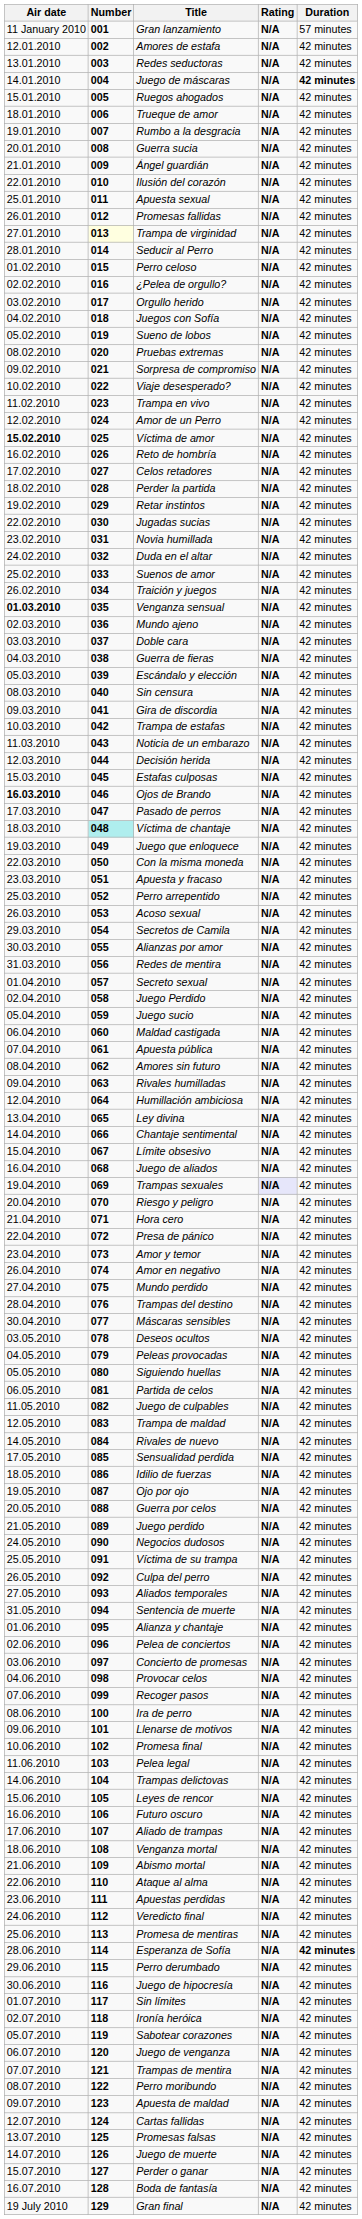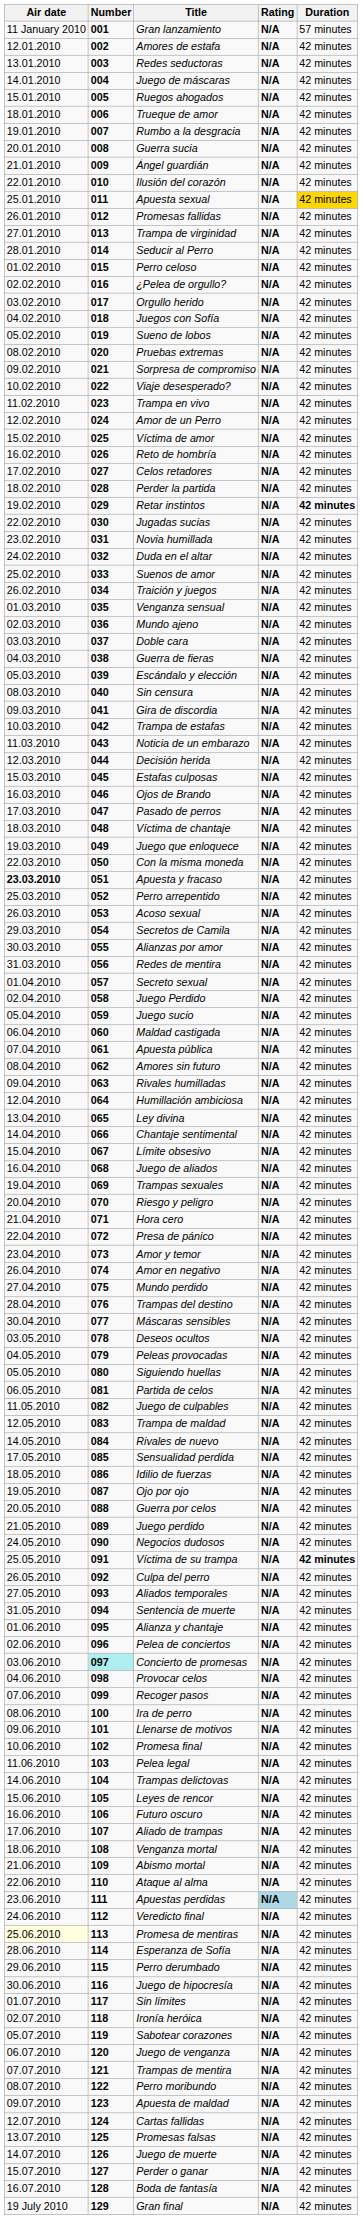 <table Class="wikitable">
 <tr>
 <th>Air date</th>
 <th>Number</th>
 <th>Title</th>
 <th>Rating</th>
 <th>Duration</th>
 </tr>
 <tr>
 <td>11 January 2010</td>
 <td><strong>001</strong></td>
 <td><em>Gran lanzamiento</em></td>
 <td><strong>N/A</strong></td>
 <td>57 minutes</td>
 </tr>
 <tr>
 <td>12.01.2010</td>
 <td><strong>002</strong></td>
 <td><em>Amores de estafa</em></td>
 <td><strong>N/A</strong></td>
 <td>42 minutes</td>
 </tr>
 <tr>
 <td>13.01.2010</td>
 <td><strong>003</strong></td>
 <td><em>Redes seductoras</em></td>
 <td><strong>N/A</strong></td>
 <td>42 minutes</td>
 </tr>
 <tr>
 <td>14.01.2010</td>
 <td><strong>004</strong></td>
 <td><em>Juego de máscaras</em></td>
 <td><strong>N/A</strong></td>
-<td><strong>42 minutes</strong></td>
+<td>42 minutes</td>
 </tr>
 <tr>
 <td>15.01.2010</td>
 <td><strong>005</strong></td>
 <td><em>Ruegos ahogados </em></td>
 <td><strong>N/A</strong></td>
 <td>42 minutes</td>
 </tr>
 <tr>
 <td>18.01.2010</td>
 <td><strong>006</strong></td>
 <td><em>Trueque de amor </em></td>
 <td><strong>N/A</strong></td>
 <td>42 minutes</td>
 </tr>
 <tr>
 <td>19.01.2010</td>
 <td><strong>007</strong></td>
 <td><em>Rumbo a la desgracia</em></td>
 <td><strong>N/A</strong></td>
 <td>42 minutes</td>
 </tr>
 <tr>
 <td>20.01.2010</td>
 <td><strong>008</strong></td>
 <td><em>Guerra sucia</em></td>
 <td><strong>N/A</strong></td>
 <td>42 minutes</td>
 </tr>
 <tr>
 <td>21.01.2010</td>
 <td><strong>009</strong></td>
 <td><em>Ángel guardián</em></td>
 <td><strong>N/A</strong></td>
 <td>42 minutes</td>
 </tr>
 <tr>
 <td>22.01.2010</td>
 <td><strong>010</strong></td>
 <td><em>Ilusión del corazón</em></td>
 <td><strong>N/A</strong></td>
 <td>42 minutes</td>
 </tr>
 <tr>
 <td>25.01.2010</td>
 <td><strong>011</strong></td>
 <td><em>Apuesta sexual</em></td>
 <td><strong>N/A</strong></td>
-<td>42 minutes</td>
+<td style="background: gold;">42 minutes</td>
 </tr>
 <tr>
 <td>26.01.2010</td>
 <td><strong>012</strong></td>
 <td><em>Promesas fallidas</em></td>
 <td><strong>N/A</strong></td>
 <td>42 minutes</td>
 </tr>
 <tr>
 <td>27.01.2010</td>
-<td style="background: lightyellow;"><strong>013</strong></td>
+<td><strong>013</strong></td>
 <td><em>Trampa de virginidad</em></td>
 <td><strong>N/A</strong></td>
 <td>42 minutes</td>
 </tr>
 <tr>
 <td>28.01.2010</td>
 <td><strong>014</strong></td>
 <td><em>Seducir al Perro</em></td>
 <td><strong>N/A</strong></td>
 <td>42 minutes</td>
 </tr>
 <tr>
 <td>01.02.2010</td>
 <td><strong>015</strong></td>
 <td><em>Perro celoso</em></td>
 <td><strong>N/A</strong></td>
 <td>42 minutes</td>
 </tr>
 <tr>
 <td>02.02.2010</td>
 <td><strong>016</strong></td>
 <td><em>¿Pelea de orgullo?</em></td>
 <td><strong>N/A</strong></td>
 <td>42 minutes</td>
 </tr>
 <tr>
 <td>03.02.2010</td>
 <td><strong>017</strong></td>
 <td><em>Orgullo herido</em></td>
 <td><strong>N/A</strong></td>
 <td>42 minutes</td>
 </tr>
 <tr>
 <td>04.02.2010</td>
 <td><strong>018</strong></td>
 <td><em>Juegos con Sofía</em></td>
 <td><strong>N/A</strong></td>
 <td>42 minutes</td>
 </tr>
 <tr>
 <td>05.02.2010</td>
 <td><strong>019</strong></td>
 <td><em>Sueno de lobos</em></td>
 <td><strong>N/A</strong></td>
 <td>42 minutes</td>
 </tr>
 <tr>
 <td>08.02.2010</td>
 <td><strong>020</strong></td>
 <td><em>Pruebas extremas</em></td>
 <td><strong>N/A</strong></td>
 <td>42 minutes</td>
 </tr>
 <tr>
 <td>09.02.2010</td>
 <td><strong>021</strong></td>
 <td><em>Sorpresa de compromiso</em></td>
 <td><strong>N/A</strong></td>
 <td>42 minutes</td>
 </tr>
 <tr>
 <td>10.02.2010</td>
 <td><strong>022</strong></td>
 <td><em>Viaje desesperado?</em></td>
 <td><strong>N/A</strong></td>
 <td>42 minutes</td>
 </tr>
 <tr>
 <td>11.02.2010</td>
 <td><strong>023</strong></td>
 <td><em>Trampa en vivo</em></td>
 <td><strong>N/A</strong></td>
 <td>42 minutes</td>
 </tr>
 <tr>
 <td>12.02.2010</td>
 <td><strong>024</strong></td>
 <td><em>Amor de un Perro</em></td>
 <td><strong>N/A</strong></td>
 <td>42 minutes</td>
 </tr>
 <tr>
-<td><strong>15.02.2010</strong></td>
+<td>15.02.2010</td>
 <td><strong>025</strong></td>
 <td><em>Víctima de amor</em></td>
 <td><strong>N/A</strong></td>
 <td>42 minutes</td>
 </tr>
 <tr>
 <td>16.02.2010</td>
 <td><strong>026</strong></td>
 <td><em>Reto de hombría</em></td>
 <td><strong>N/A</strong></td>
 <td>42 minutes</td>
 </tr>
 <tr>
 <td>17.02.2010</td>
 <td><strong>027</strong></td>
 <td><em>Celos retadores</em></td>
 <td><strong>N/A</strong></td>
 <td>42 minutes</td>
 </tr>
 <tr>
 <td>18.02.2010</td>
 <td><strong>028</strong></td>
 <td><em>Perder la partida</em></td>
 <td><strong>N/A</strong></td>
 <td>42 minutes</td>
 </tr>
 <tr>
 <td>19.02.2010</td>
 <td><strong>029</strong></td>
 <td><em>Retar instintos</em></td>
 <td><strong>N/A</strong></td>
-<td>42 minutes</td>
+<td><strong>42 minutes</strong></td>
 </tr>
 <tr>
 <td>22.02.2010</td>
 <td><strong>030</strong></td>
 <td><em>Jugadas sucias</em></td>
 <td><strong>N/A</strong></td>
 <td>42 minutes</td>
 </tr>
 <tr>
 <td>23.02.2010</td>
 <td><strong>031</strong></td>
 <td><em>Novia humillada</em></td>
 <td><strong>N/A</strong></td>
 <td>42 minutes</td>
 </tr>
 <tr>
 <td>24.02.2010</td>
 <td><strong>032</strong></td>
 <td><em>Duda en el altar</em></td>
 <td><strong>N/A</strong></td>
 <td>42 minutes</td>
 </tr>
 <tr>
 <td>25.02.2010</td>
 <td><strong>033</strong></td>
 <td><em>Suenos de amor</em></td>
 <td><strong>N/A</strong></td>
 <td>42 minutes</td>
 </tr>
 <tr>
 <td>26.02.2010</td>
 <td><strong>034</strong></td>
 <td><em>Traición y juegos</em></td>
 <td><strong>N/A</strong></td>
 <td>42 minutes</td>
 </tr>
 <tr>
-<td><strong>01.03.2010</strong></td>
+<td>01.03.2010</td>
 <td><strong>035</strong></td>
 <td><em>Venganza sensual</em></td>
 <td><strong>N/A</strong></td>
 <td>42 minutes</td>
 </tr>
 <tr>
 <td>02.03.2010</td>
 <td><strong>036</strong></td>
 <td><em>Mundo ajeno</em></td>
 <td><strong>N/A</strong></td>
 <td>42 minutes</td>
 </tr>
 <tr>
 <td>03.03.2010</td>
 <td><strong>037</strong></td>
 <td><em>Doble cara</em></td>
 <td><strong>N/A</strong></td>
 <td>42 minutes</td>
 </tr>
 <tr>
 <td>04.03.2010</td>
 <td><strong>038</strong></td>
 <td><em>Guerra de fieras</em></td>
 <td><strong>N/A</strong></td>
 <td>42 minutes</td>
 </tr>
 <tr>
 <td>05.03.2010</td>
 <td><strong>039</strong></td>
 <td><em>Escándalo y elección</em></td>
 <td><strong>N/A</strong></td>
 <td>42 minutes</td>
 </tr>
 <tr>
 <td>08.03.2010</td>
 <td><strong>040</strong></td>
 <td><em>Sin censura</em></td>
 <td><strong>N/A</strong></td>
 <td>42 minutes</td>
 </tr>
 <tr>
 <td>09.03.2010</td>
 <td><strong>041</strong></td>
 <td><em>Gira de discordia</em></td>
 <td><strong>N/A</strong></td>
 <td>42 minutes</td>
 </tr>
 <tr>
 <td>10.03.2010</td>
 <td><strong>042</strong></td>
 <td><em>Trampa de estafas</em></td>
 <td><strong>N/A</strong></td>
 <td>42 minutes</td>
 </tr>
 <tr>
 <td>11.03.2010</td>
 <td><strong>043</strong></td>
 <td><em>Noticia de un embarazo</em></td>
 <td><strong>N/A</strong></td>
 <td>42 minutes</td>
 </tr>
 <tr>
 <td>12.03.2010</td>
 <td><strong>044</strong></td>
 <td><em>Decisión herida</em></td>
 <td><strong>N/A</strong></td>
 <td>42 minutes</td>
 </tr>
 <tr>
 <td>15.03.2010</td>
 <td><strong>045</strong></td>
 <td><em>Estafas culposas</em></td>
 <td><strong>N/A</strong></td>
 <td>42 minutes</td>
 </tr>
 <tr>
-<td><strong>16.03.2010</strong></td>
+<td>16.03.2010</td>
 <td><strong>046</strong></td>
 <td><em>Ojos de Brando</em></td>
 <td><strong>N/A</strong></td>
 <td>42 minutes</td>
 </tr>
 <tr>
 <td>17.03.2010</td>
 <td><strong>047</strong></td>
 <td><em>Pasado de perros</em></td>
 <td><strong>N/A</strong></td>
 <td>42 minutes</td>
 </tr>
 <tr>
 <td>18.03.2010</td>
-<td style="background: paleturquoise;"><strong>048</strong></td>
+<td><strong>048</strong></td>
 <td><em>Víctima de chantaje</em></td>
 <td><strong>N/A</strong></td>
 <td>42 minutes</td>
 </tr>
 <tr>
 <td>19.03.2010</td>
 <td><strong>049</strong></td>
 <td><em>Juego que enloquece</em></td>
 <td><strong>N/A</strong></td>
 <td>42 minutes</td>
 </tr>
 <tr>
 <td>22.03.2010</td>
 <td><strong>050</strong></td>
 <td><em>Con la misma moneda</em></td>
 <td><strong>N/A</strong></td>
 <td>42 minutes</td>
 </tr>
 <tr>
-<td>23.03.2010</td>
+<td><strong>23.03.2010</strong></td>
 <td><strong>051</strong></td>
 <td><em>Apuesta y fracaso</em></td>
 <td><strong>N/A</strong></td>
 <td>42 minutes</td>
 </tr>
 <tr>
 <td>25.03.2010</td>
 <td><strong>052</strong></td>
 <td><em>Perro arrepentido</em></td>
 <td><strong>N/A</strong></td>
 <td>42 minutes</td>
 </tr>
 <tr>
 <td>26.03.2010</td>
 <td><strong>053</strong></td>
 <td><em>Acoso sexual</em></td>
 <td><strong>N/A</strong></td>
 <td>42 minutes</td>
 </tr>
 <tr>
 <td>29.03.2010</td>
 <td><strong>054</strong></td>
 <td><em>Secretos de Camila</em></td>
 <td><strong>N/A</strong></td>
 <td>42 minutes</td>
 </tr>
 <tr>
 <td>30.03.2010</td>
 <td><strong>055</strong></td>
 <td><em>Alianzas por amor</em></td>
 <td><strong>N/A</strong></td>
 <td>42 minutes</td>
 </tr>
 <tr>
 <td>31.03.2010</td>
 <td><strong>056</strong></td>
 <td><em>Redes de mentira</em></td>
 <td><strong>N/A</strong></td>
 <td>42 minutes</td>
 </tr>
 <tr>
 <td>01.04.2010</td>
 <td><strong>057</strong></td>
 <td><em>Secreto sexual</em></td>
 <td><strong>N/A</strong></td>
 <td>42 minutes</td>
 </tr>
 <tr>
 <td>02.04.2010</td>
 <td><strong>058</strong></td>
 <td><em>Juego Perdido</em></td>
 <td><strong>N/A</strong></td>
 <td>42 minutes</td>
 </tr>
 <tr>
 <td>05.04.2010</td>
 <td><strong>059</strong></td>
 <td><em>Juego sucio</em></td>
 <td><strong>N/A</strong></td>
 <td>42 minutes</td>
 </tr>
 <tr>
 <td>06.04.2010</td>
 <td><strong>060</strong></td>
 <td><em>Maldad castigada</em></td>
 <td><strong>N/A</strong></td>
 <td>42 minutes</td>
 </tr>
 <tr>
 <td>07.04.2010</td>
 <td><strong>061</strong></td>
 <td><em>Apuesta pública</em></td>
 <td><strong>N/A</strong></td>
 <td>42 minutes</td>
 </tr>
 <tr>
 <td>08.04.2010</td>
 <td><strong>062</strong></td>
 <td><em>Amores sin futuro</em></td>
 <td><strong>N/A</strong></td>
 <td>42 minutes</td>
 </tr>
 <tr>
 <td>09.04.2010</td>
 <td><strong>063</strong></td>
 <td><em>Rivales humilladas</em></td>
 <td><strong>N/A</strong></td>
 <td>42 minutes</td>
 </tr>
 <tr>
 <td>12.04.2010</td>
 <td><strong>064</strong></td>
 <td><em>Humillación ambiciosa</em></td>
 <td><strong>N/A</strong></td>
 <td>42 minutes</td>
 </tr>
 <tr>
 <td>13.04.2010</td>
 <td><strong>065</strong></td>
 <td><em>Ley divina</em></td>
 <td><strong>N/A</strong></td>
 <td>42 minutes</td>
 </tr>
 <tr>
 <td>14.04.2010</td>
 <td><strong>066</strong></td>
 <td><em>Chantaje sentimental</em></td>
 <td><strong>N/A</strong></td>
 <td>42 minutes</td>
 </tr>
 <tr>
 <td>15.04.2010</td>
 <td><strong>067</strong></td>
 <td><em>Límite obsesivo</em></td>
 <td><strong>N/A</strong></td>
 <td>42 minutes</td>
 </tr>
 <tr>
 <td>16.04.2010</td>
 <td><strong>068</strong></td>
 <td><em>Juego de aliados</em></td>
 <td><strong>N/A</strong></td>
 <td>42 minutes</td>
 </tr>
 <tr>
 <td>19.04.2010</td>
 <td><strong>069</strong></td>
 <td><em>Trampas sexuales</em></td>
-<td style="background: lavender;"><strong>N/A</strong></td>
+<td><strong>N/A</strong></td>
 <td>42 minutes</td>
 </tr>
 <tr>
 <td>20.04.2010</td>
 <td><strong>070</strong></td>
 <td><em>Riesgo y peligro</em></td>
 <td><strong>N/A</strong></td>
 <td>42 minutes</td>
 </tr>
 <tr>
 <td>21.04.2010</td>
 <td><strong>071</strong></td>
 <td><em>Hora cero</em></td>
 <td><strong>N/A</strong></td>
 <td>42 minutes</td>
 </tr>
 <tr>
 <td>22.04.2010</td>
 <td><strong>072</strong></td>
 <td><em>Presa de pánico</em></td>
 <td><strong>N/A</strong></td>
 <td>42 minutes</td>
 </tr>
 <tr>
 <td>23.04.2010</td>
 <td><strong>073</strong></td>
 <td><em>Amor y temor</em></td>
 <td><strong>N/A</strong></td>
 <td>42 minutes</td>
 </tr>
 <tr>
 <td>26.04.2010</td>
 <td><strong>074</strong></td>
 <td><em>Amor en negativo</em></td>
 <td><strong>N/A</strong></td>
 <td>42 minutes</td>
 </tr>
 <tr>
 <td>27.04.2010</td>
 <td><strong>075</strong></td>
 <td><em>Mundo perdido</em></td>
 <td><strong>N/A</strong></td>
 <td>42 minutes</td>
 </tr>
 <tr>
 <td>28.04.2010</td>
 <td><strong>076</strong></td>
 <td><em>Trampas del destino</em></td>
 <td><strong>N/A</strong></td>
 <td>42 minutes</td>
 </tr>
 <tr>
 <td>30.04.2010</td>
 <td><strong>077</strong></td>
 <td><em>Máscaras sensibles</em></td>
 <td><strong>N/A</strong></td>
 <td>42 minutes</td>
 </tr>
 <tr>
 <td>03.05.2010</td>
 <td><strong>078</strong></td>
 <td><em>Deseos ocultos</em></td>
 <td><strong>N/A</strong></td>
 <td>42 minutes</td>
 </tr>
 <tr>
 <td>04.05.2010</td>
 <td><strong>079</strong></td>
 <td><em>Peleas provocadas</em></td>
 <td><strong>N/A</strong></td>
 <td>42 minutes</td>
 </tr>
 <tr>
 <td>05.05.2010</td>
 <td><strong>080</strong></td>
 <td><em>Siguiendo huellas</em></td>
 <td><strong>N/A</strong></td>
 <td>42 minutes</td>
 </tr>
 <tr>
 <td>06.05.2010</td>
 <td><strong>081</strong></td>
 <td><em>Partida de celos</em></td>
 <td><strong>N/A</strong></td>
 <td>42 minutes</td>
 </tr>
 <tr>
 <td>11.05.2010</td>
 <td><strong>082</strong></td>
 <td><em>Juego de culpables</em></td>
 <td><strong>N/A</strong></td>
 <td>42 minutes</td>
 </tr>
 <tr>
 <td>12.05.2010</td>
 <td><strong>083</strong></td>
 <td><em>Trampa de maldad</em></td>
 <td><strong>N/A</strong></td>
 <td>42 minutes</td>
 </tr>
 <tr>
 <td>14.05.2010</td>
 <td><strong>084</strong></td>
 <td><em>Rivales de nuevo</em></td>
 <td><strong>N/A</strong></td>
 <td>42 minutes</td>
 </tr>
 <tr>
 <td>17.05.2010</td>
 <td><strong>085</strong></td>
 <td><em>Sensualidad perdida</em></td>
 <td><strong>N/A</strong></td>
 <td>42 minutes</td>
 </tr>
 <tr>
 <td>18.05.2010</td>
 <td><strong>086</strong></td>
 <td><em>Idilio de fuerzas</em></td>
 <td><strong>N/A</strong></td>
 <td>42 minutes</td>
 </tr>
 <tr>
 <td>19.05.2010</td>
 <td><strong>087</strong></td>
 <td><em>Ojo por ojo</em></td>
 <td><strong>N/A</strong></td>
 <td>42 minutes</td>
 </tr>
 <tr>
 <td>20.05.2010</td>
 <td><strong>088</strong></td>
 <td><em>Guerra por celos</em></td>
 <td><strong>N/A</strong></td>
 <td>42 minutes</td>
 </tr>
 <tr>
 <td>21.05.2010</td>
 <td><strong>089</strong></td>
 <td><em>Juego perdido</em></td>
 <td><strong>N/A</strong></td>
 <td>42 minutes</td>
 </tr>
 <tr>
 <td>24.05.2010</td>
 <td><strong>090</strong></td>
 <td><em>Negocios dudosos</em></td>
 <td><strong>N/A</strong></td>
 <td>42 minutes</td>
 </tr>
 <tr>
 <td>25.05.2010</td>
 <td><strong>091</strong></td>
 <td><em>Víctima de su trampa</em></td>
 <td><strong>N/A</strong></td>
-<td>42 minutes</td>
+<td><strong>42 minutes</strong></td>
 </tr>
 <tr>
 <td>26.05.2010</td>
 <td><strong>092</strong></td>
 <td><em>Culpa del perro</em></td>
 <td><strong>N/A</strong></td>
 <td>42 minutes</td>
 </tr>
 <tr>
 <td>27.05.2010</td>
 <td><strong>093</strong></td>
 <td><em>Aliados temporales</em></td>
 <td><strong>N/A</strong></td>
 <td>42 minutes</td>
 </tr>
 <tr>
 <td>31.05.2010</td>
 <td><strong>094</strong></td>
 <td><em>Sentencia de muerte</em></td>
 <td><strong>N/A</strong></td>
 <td>42 minutes</td>
 </tr>
 <tr>
 <td>01.06.2010</td>
 <td><strong>095</strong></td>
 <td><em>Alianza y chantaje</em></td>
 <td><strong>N/A</strong></td>
 <td>42 minutes</td>
 </tr>
 <tr>
 <td>02.06.2010</td>
 <td><strong>096</strong></td>
 <td><em>Pelea de conciertos</em></td>
 <td><strong>N/A</strong></td>
 <td>42 minutes</td>
 </tr>
 <tr>
 <td>03.06.2010</td>
-<td><strong>097</strong></td>
+<td style="background: paleturquoise;"><strong>097</strong></td>
 <td><em>Concierto de promesas</em></td>
 <td><strong>N/A</strong></td>
 <td>42 minutes</td>
 </tr>
 <tr>
 <td>04.06.2010</td>
 <td><strong>098</strong></td>
 <td><em>Provocar celos</em></td>
 <td><strong>N/A</strong></td>
 <td>42 minutes</td>
 </tr>
 <tr>
 <td>07.06.2010</td>
 <td><strong>099</strong></td>
 <td><em>Recoger pasos</em></td>
 <td><strong>N/A</strong></td>
 <td>42 minutes</td>
 </tr>
 <tr>
 <td>08.06.2010</td>
 <td><strong>100</strong></td>
 <td><em>Ira de perro</em></td>
 <td><strong>N/A</strong></td>
 <td>42 minutes</td>
 </tr>
 <tr>
 <td>09.06.2010</td>
 <td><strong>101</strong></td>
 <td><em>Llenarse de motivos</em></td>
 <td><strong>N/A</strong></td>
 <td>42 minutes</td>
 </tr>
 <tr>
 <td>10.06.2010</td>
 <td><strong>102</strong></td>
 <td><em>Promesa final</em></td>
 <td><strong>N/A</strong></td>
 <td>42 minutes</td>
 </tr>
 <tr>
 <td>11.06.2010</td>
 <td><strong>103</strong></td>
 <td><em>Pelea legal</em></td>
 <td><strong>N/A</strong></td>
 <td>42 minutes</td>
 </tr>
 <tr>
 <td>14.06.2010</td>
 <td><strong>104</strong></td>
 <td><em>Trampas delictovas</em></td>
 <td><strong>N/A</strong></td>
 <td>42 minutes</td>
 </tr>
 <tr>
 <td>15.06.2010</td>
 <td><strong>105</strong></td>
 <td><em>Leyes de rencor</em></td>
 <td><strong>N/A</strong></td>
 <td>42 minutes</td>
 </tr>
 <tr>
 <td>16.06.2010</td>
 <td><strong>106</strong></td>
 <td><em>Futuro oscuro</em></td>
 <td><strong>N/A</strong></td>
 <td>42 minutes</td>
 </tr>
 <tr>
 <td>17.06.2010</td>
 <td><strong>107</strong></td>
 <td><em>Aliado de trampas</em></td>
 <td><strong>N/A</strong></td>
 <td>42 minutes</td>
 </tr>
 <tr>
 <td>18.06.2010</td>
 <td><strong>108</strong></td>
 <td><em>Venganza mortal</em></td>
 <td><strong>N/A</strong></td>
 <td>42 minutes</td>
 </tr>
 <tr>
 <td>21.06.2010</td>
 <td><strong>109</strong></td>
 <td><em>Abismo mortal</em></td>
 <td><strong>N/A</strong></td>
 <td>42 minutes</td>
 </tr>
 <tr>
 <td>22.06.2010</td>
 <td><strong>110</strong></td>
 <td><em>Ataque al alma</em></td>
 <td><strong>N/A</strong></td>
 <td>42 minutes</td>
 </tr>
 <tr>
 <td>23.06.2010</td>
 <td><strong>111</strong></td>
 <td><em>Apuestas perdidas</em></td>
-<td><strong>N/A</strong></td>
+<td style="background: lightblue;"><strong>N/A</strong></td>
 <td>42 minutes</td>
 </tr>
 <tr>
 <td>24.06.2010</td>
 <td><strong>112</strong></td>
 <td><em>Veredicto final</em></td>
 <td><strong>N/A</strong></td>
 <td>42 minutes</td>
 </tr>
 <tr>
-<td>25.06.2010</td>
+<td style="background: lightyellow;">25.06.2010</td>
 <td><strong>113</strong></td>
 <td><em>Promesa de mentiras</em></td>
 <td><strong>N/A</strong></td>
 <td>42 minutes</td>
 </tr>
 <tr>
 <td>28.06.2010</td>
 <td><strong>114</strong></td>
 <td><em>Esperanza de Sofía</em></td>
 <td><strong>N/A</strong></td>
-<td><strong>42 minutes</strong></td>
+<td>42 minutes</td>
 </tr>
 <tr>
 <td>29.06.2010</td>
 <td><strong>115</strong></td>
 <td><em>Perro derumbado</em></td>
 <td><strong>N/A</strong></td>
 <td>42 minutes</td>
 </tr>
 <tr>
 <td>30.06.2010</td>
 <td><strong>116</strong></td>
 <td><em>Juego de hipocresía</em></td>
 <td><strong>N/A</strong></td>
 <td>42 minutes</td>
 </tr>
 <tr>
 <td>01.07.2010</td>
 <td><strong>117</strong></td>
 <td><em>Sin límites</em></td>
 <td><strong>N/A</strong></td>
 <td>42 minutes</td>
 </tr>
 <tr>
 <td>02.07.2010</td>
 <td><strong>118</strong></td>
 <td><em>Ironía heróica</em></td>
 <td><strong>N/A</strong></td>
 <td>42 minutes</td>
 </tr>
 <tr>
 <td>05.07.2010</td>
 <td><strong>119</strong></td>
 <td><em>Sabotear corazones</em></td>
 <td><strong>N/A</strong></td>
 <td>42 minutes</td>
 </tr>
 <tr>
 <td>06.07.2010</td>
 <td><strong>120</strong></td>
 <td><em>Juego de venganza</em></td>
 <td><strong>N/A</strong></td>
 <td>42 minutes</td>
 </tr>
 <tr>
 <td>07.07.2010</td>
 <td><strong>121</strong></td>
 <td><em>Trampas de mentira</em></td>
 <td><strong>N/A</strong></td>
 <td>42 minutes</td>
 </tr>
 <tr>
 <td>08.07.2010</td>
 <td><strong>122</strong></td>
 <td><em>Perro moribundo</em></td>
 <td><strong>N/A</strong></td>
 <td>42 minutes</td>
 </tr>
 <tr>
 <td>09.07.2010</td>
 <td><strong>123</strong></td>
 <td><em>Apuesta de maldad</em></td>
 <td><strong>N/A</strong></td>
 <td>42 minutes</td>
 </tr>
 <tr>
 <td>12.07.2010</td>
 <td><strong>124</strong></td>
 <td><em>Cartas fallidas</em></td>
 <td><strong>N/A</strong></td>
 <td>42 minutes</td>
 </tr>
 <tr>
 <td>13.07.2010</td>
 <td><strong>125</strong></td>
 <td><em>Promesas falsas</em></td>
 <td><strong>N/A</strong></td>
 <td>42 minutes</td>
 </tr>
 <tr>
 <td>14.07.2010</td>
 <td><strong>126</strong></td>
 <td><em>Juego de muerte</em></td>
 <td><strong>N/A</strong></td>
 <td>42 minutes</td>
 </tr>
 <tr>
 <td>15.07.2010</td>
 <td><strong>127</strong></td>
 <td><em>Perder o ganar</em></td>
 <td><strong>N/A</strong></td>
 <td>42 minutes</td>
 </tr>
 <tr>
 <td>16.07.2010</td>
 <td><strong>128</strong></td>
 <td><em>Boda de fantasía</em></td>
 <td><strong>N/A</strong></td>
 <td>42 minutes</td>
 </tr>
 <tr>
 <td>19 July 2010</td>
 <td><strong>129</strong></td>
 <td><em>Gran final</em></td>
 <td><strong>N/A</strong></td>
 <td>42 minutes</td>
 </tr>
 </table>
